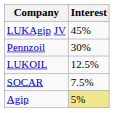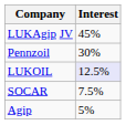 <table class=wikitable>
 <tr>
 <th>Company</th>
 <th>Interest</th>
 </tr>
 <tr>
 <td><a href='#'>LUKAgip</a> <a href='#'>JV</a></td>
 <td>45%</td>
 </tr>
 <tr>
 <td><a href='#'>Pennzoil</a></td>
 <td>30%</td>
 </tr>
 <tr>
 <td><a href='#'>LUKOIL</a></td>
-<td>12.5%</td>
+<td style="background: lavender;">12.5%</td>
 </tr>
 <tr>
 <td><a href='#'>SOCAR</a></td>
 <td>7.5%</td>
 </tr>
 <tr>
 <td><a href='#'>Agip</a></td>
-<td style="background: khaki;">5%</td>
+<td>5%</td>
 </tr>
 </table>
